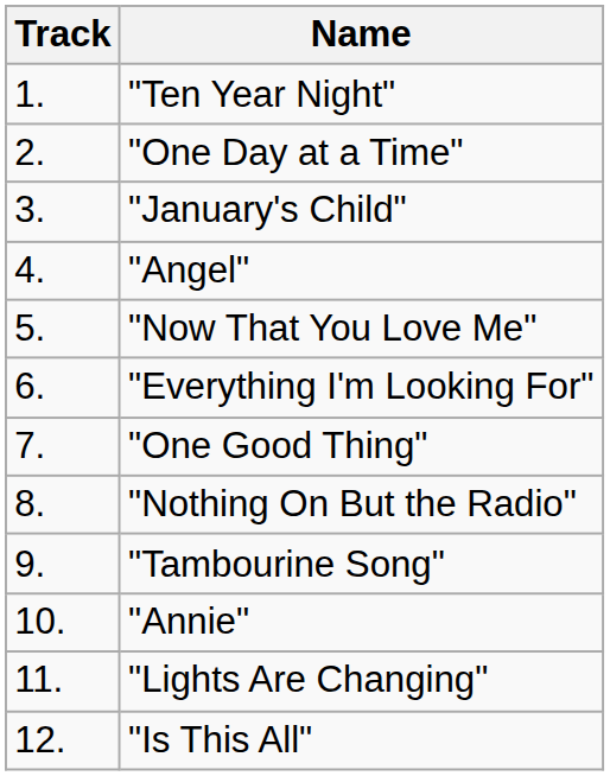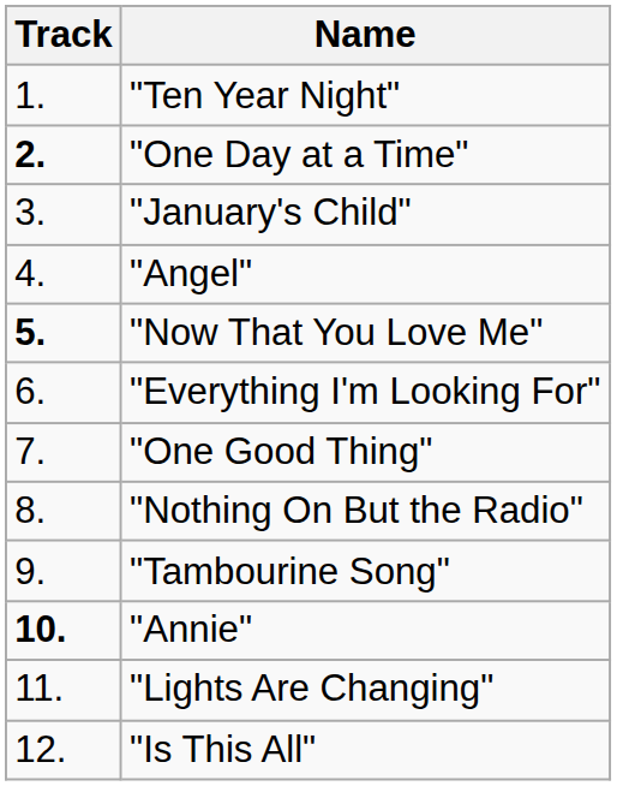 <table class="wikitable" border="1">
 <tr>
 <th>Track</th>
 <th>Name</th>
 </tr>
 <tr>
 <td>1.</td>
 <td>"Ten Year Night"</td>
 </tr>
 <tr>
-<td>2.</td>
+<td><strong>2.</strong></td>
 <td>"One Day at a Time"</td>
 </tr>
 <tr>
 <td>3.</td>
 <td>"January's Child"</td>
 </tr>
 <tr>
 <td>4.</td>
 <td>"Angel"</td>
 </tr>
 <tr>
-<td>5.</td>
+<td><strong>5.</strong></td>
 <td>"Now That You Love Me"</td>
 </tr>
 <tr>
 <td>6.</td>
 <td>"Everything I'm Looking For"</td>
 </tr>
 <tr>
 <td>7.</td>
 <td>"One Good Thing"</td>
 </tr>
 <tr>
 <td>8.</td>
 <td>"Nothing On But the Radio"</td>
 </tr>
 <tr>
 <td>9.</td>
 <td>"Tambourine Song"</td>
 </tr>
 <tr>
-<td>10.</td>
+<td><strong>10.</strong></td>
 <td>"Annie"</td>
 </tr>
 <tr>
 <td>11.</td>
 <td>"Lights Are Changing"</td>
 </tr>
 <tr>
 <td>12.</td>
 <td>"Is This All"</td>
 </tr>
 </table>
